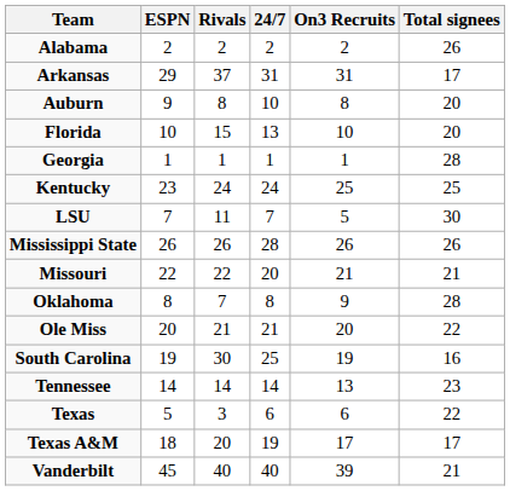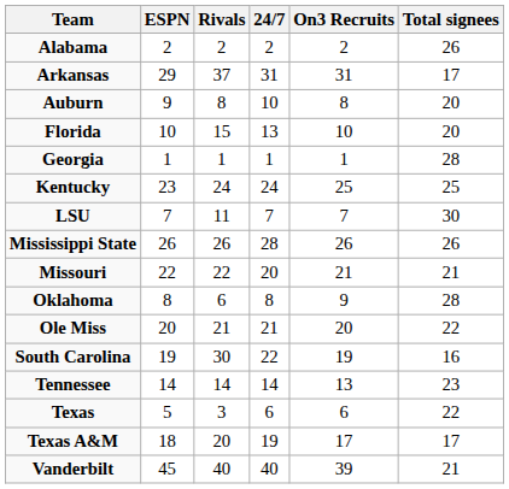 <table class="wikitable sortable" style="text-align:center">
 <tr>
 <th>Team</th>
 <th>ESPN</th>
 <th>Rivals</th>
 <th>24/7</th>
 <th>On3 Recruits</th>
 <th>Total signees</th>
 </tr>
 <tr>
 <td><strong>Alabama</strong></td>
 <td style="text-align:center; background:white">2</td>
 <td style="text-align:center; background:white">2</td>
 <td style="text-align:center; background:white">2</td>
 <td style="text-align:center; background:white">2</td>
 <td style="text-align:center; background:white">26</td>
 </tr>
 <tr>
 <td><strong>Arkansas</strong></td>
 <td style="text-align:center; background:white">29</td>
 <td style="text-align:center; background:white">37</td>
 <td style="text-align:center; background:white">31</td>
 <td style="text-align:center; background:white">31</td>
 <td style="text-align:center; background:white">17</td>
 </tr>
 <tr>
 <td><strong>Auburn</strong></td>
 <td style="text-align:center; background:white">9</td>
 <td style="text-align:center; background:white">8</td>
 <td style="text-align:center; background:white">10</td>
 <td style="text-align:center; background:white">8</td>
 <td style="text-align:center; background:white">20</td>
 </tr>
 <tr>
 <td><strong>Florida</strong></td>
 <td style="text-align:center; background:white">10</td>
 <td style="text-align:center; background:white">15</td>
 <td style="text-align:center; background:white">13</td>
 <td style="text-align:center; background:white">10</td>
 <td style="text-align:center; background:white">20</td>
 </tr>
 <tr>
 <td><strong>Georgia</strong></td>
 <td style="text-align:center; background:white">1</td>
 <td style="text-align:center; background:white">1</td>
 <td style="text-align:center; background:white">1</td>
 <td style="text-align:center; background:white">1</td>
 <td style="text-align:center; background:white">28</td>
 </tr>
 <tr>
 <td><strong>Kentucky</strong></td>
 <td style="text-align:center; background:white">23</td>
 <td style="text-align:center; background:white">24</td>
 <td style="text-align:center; background:white">24</td>
 <td style="text-align:center; background:white">25</td>
 <td style="text-align:center; background:white">25</td>
 </tr>
 <tr>
 <td><strong>LSU</strong></td>
 <td style="text-align:center; background:white">7</td>
 <td style="text-align:center; background:white">11</td>
 <td style="text-align:center; background:white">7</td>
-<td style="text-align:center; background:white">5</td>
+<td style="text-align:center; background:white">7</td>
 <td style="text-align:center; background:white">30</td>
 </tr>
 <tr>
 <td><strong>Mississippi State</strong></td>
 <td style="text-align:center; background:white">26</td>
 <td style="text-align:center; background:white">26</td>
 <td style="text-align:center; background:white">28</td>
 <td style="text-align:center; background:white">26</td>
 <td style="text-align:center; background:white">26</td>
 </tr>
 <tr>
 <td><strong>Missouri</strong></td>
 <td style="text-align:center; background:white">22</td>
 <td style="text-align:center; background:white">22</td>
 <td style="text-align:center; background:white">20</td>
 <td style="text-align:center; background:white">21</td>
 <td style="text-align:center; background:white">21</td>
 </tr>
 <tr>
 <td><strong>Oklahoma</strong></td>
 <td style="text-align:center; background:white">8</td>
-<td style="text-align:center; background:white">7</td>
+<td style="text-align:center; background:white">6</td>
 <td style="text-align:center; background:white">8</td>
 <td style="text-align:center; background:white">9</td>
 <td style="text-align:center; background:white">28</td>
 </tr>
 <tr>
 <td><strong>Ole Miss</strong></td>
 <td style="text-align:center; background:white">20</td>
 <td style="text-align:center; background:white">21</td>
 <td style="text-align:center; background:white">21</td>
 <td style="text-align:center; background:white">20</td>
 <td style="text-align:center; background:white">22</td>
 </tr>
 <tr>
 <td><strong>South Carolina</strong></td>
 <td style="text-align:center; background:white">19</td>
 <td style="text-align:center; background:white">30</td>
-<td style="text-align:center; background:white">25</td>
+<td style="text-align:center; background:white">22</td>
 <td style="text-align:center; background:white">19</td>
 <td style="text-align:center; background:white">16</td>
 </tr>
 <tr>
 <td><strong>Tennessee</strong></td>
 <td style="text-align:center; background:white">14</td>
 <td style="text-align:center; background:white">14</td>
 <td style="text-align:center; background:white">14</td>
 <td style="text-align:center; background:white">13</td>
 <td style="text-align:center; background:white">23</td>
 </tr>
 <tr>
 <td><strong>Texas</strong></td>
 <td style="text-align:center; background:white">5</td>
 <td style="text-align:center; background:white">3</td>
 <td style="text-align:center; background:white">6</td>
 <td style="text-align:center; background:white">6</td>
 <td style="text-align:center; background:white">22</td>
 </tr>
 <tr>
 <td><strong>Texas A&M</strong></td>
 <td style="text-align:center; background:white">18</td>
 <td style="text-align:center; background:white">20</td>
 <td style="text-align:center; background:white">19</td>
 <td style="text-align:center; background:white">17</td>
 <td style="text-align:center; background:white">17</td>
 </tr>
 <tr>
 <td><strong>Vanderbilt</strong></td>
 <td style="text-align:center; background:white">45</td>
 <td style="text-align:center; background:white">40</td>
 <td style="text-align:center; background:white">40</td>
 <td style="text-align:center; background:white">39</td>
 <td style="text-align:center; background:white">21</td>
 </tr>
 </table>
